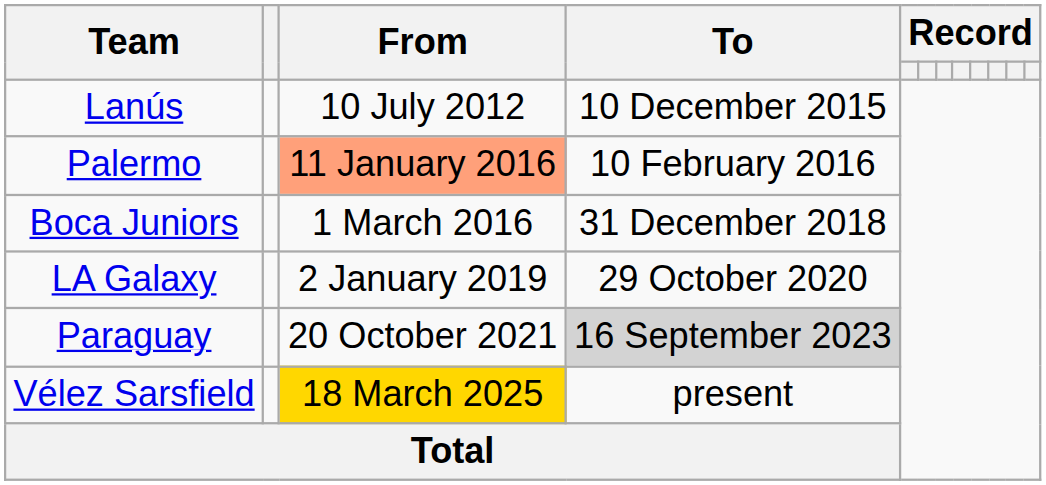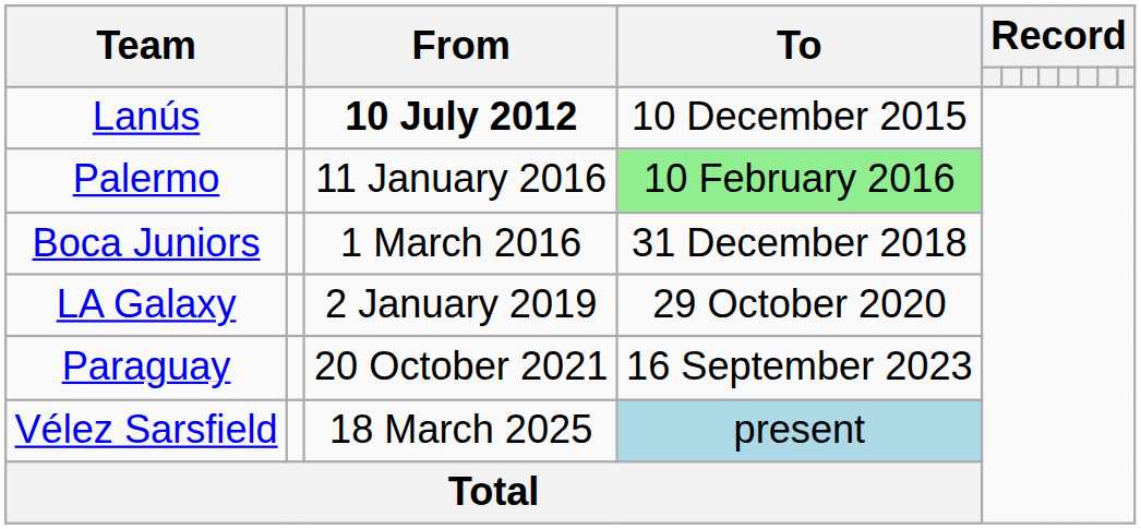 <table class="wikitable" style="text-align: center">
 <tr>
 <th rowspan="2">Team</th>
 <th rowspan="2"></th>
 <th rowspan="2">From</th>
 <th rowspan="2">To</th>
 <th colspan="8">Record</th>
 </tr>
 <tr>
 <th></th>
 <th></th>
 <th></th>
 <th></th>
 <th></th>
 <th></th>
 <th></th>
 <th></th>
 </tr>
 <tr>
 <td><a href='#'>Lanús</a></td>
 <td></td>
-<td>10 July 2012</td>
+<td><strong>10 July 2012</strong></td>
 <td>10 December 2015<br></td>
 </tr>
 <tr>
 <td><a href='#'>Palermo</a></td>
 <td></td>
-<td style="background: lightsalmon;">11 January 2016</td>
-<td>10 February 2016<br></td>
+<td>11 January 2016</td>
+<td style="background: lightgreen;">10 February 2016<br></td>
 </tr>
 <tr>
 <td><a href='#'>Boca Juniors</a></td>
 <td></td>
 <td>1 March 2016</td>
 <td>31 December 2018<br></td>
 </tr>
 <tr>
 <td><a href='#'>LA Galaxy</a></td>
 <td></td>
 <td>2 January 2019</td>
 <td>29 October 2020<br></td>
 </tr>
 <tr>
 <td><a href='#'>Paraguay</a></td>
 <td></td>
 <td>20 October 2021</td>
-<td style="background: lightgrey;">16 September 2023<br></td>
+<td>16 September 2023<br></td>
 </tr>
 <tr>
 <td><a href='#'>Vélez Sarsfield</a></td>
 <td></td>
-<td style="background: gold;">18 March 2025</td>
-<td>present<br></td>
+<td>18 March 2025</td>
+<td style="background: lightblue;">present<br></td>
 </tr>
 <tr>
 <th colspan="4">Total<br></th>
 </tr>
 </table>
